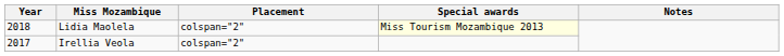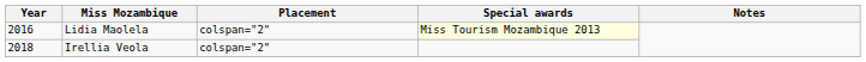 <table class="wikitable " style="font-size: 95%;">
 <tr>
 <th width="60">Year</th>
 <th width="150">Miss Mozambique</th>
 <th width="250">Placement</th>
 <th width="250">Special awards</th>
 <th width="250">Notes</th>
 </tr>
 <tr>
-<td Miss World 2016>2018</td>
+<td Miss World 2016>2016</td>
 <td>Lidia Maolela</td>
 <td>colspan="2" </td>
 <td style="background: lightyellow;">Miss Tourism Mozambique 2013</td>
 </tr>
 <tr>
-<td Miss World 2018>2017</td>
+<td Miss World 2018>2018</td>
 <td>Irellia Veola</td>
 <td>colspan="2" </td>
 <td></td>
 </tr>
 </table>
